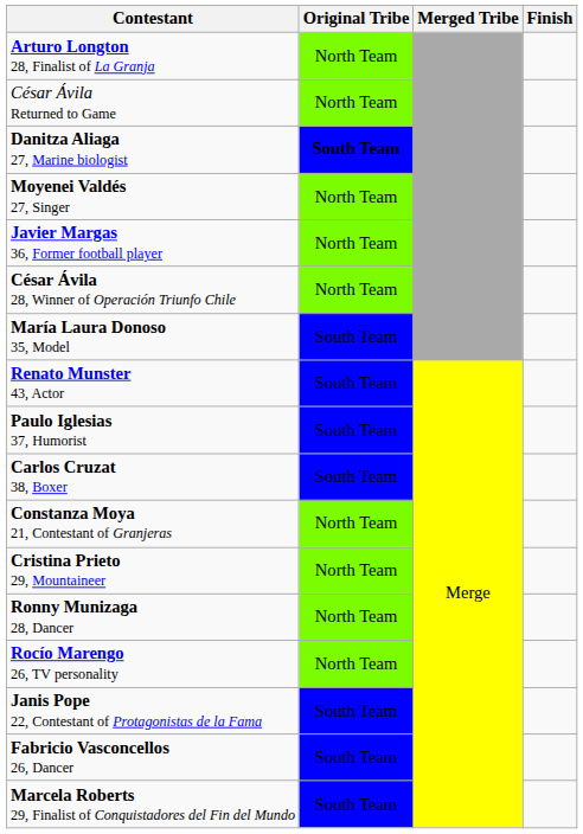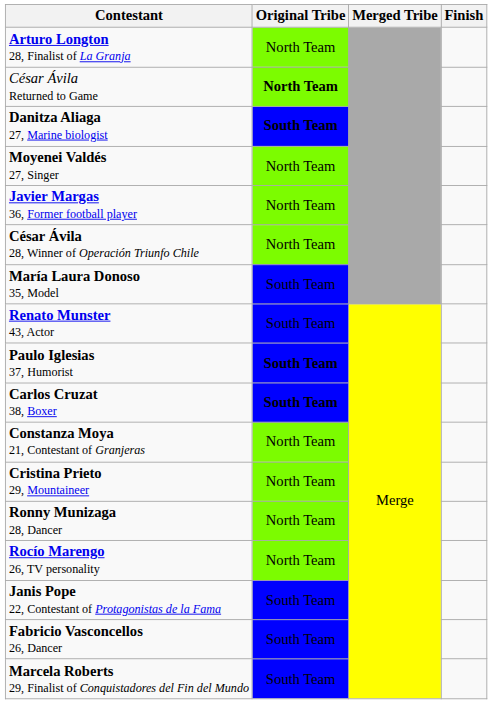 <table class="wikitable sortable" style="margin:auto; text-align:center">
 <tr>
 <th>Contestant</th>
 <th>Original Tribe</th>
 <th>Merged Tribe</th>
 <th>Finish</th>
 </tr>
 <tr>
 <td align="left"><strong><a href='#'>Arturo Longton</a></strong><br><small>28, Finalist of <em><a href='#'>La Granja</a></em></small></td>
 <td bgcolor="#7CFC00">North Team</td>
 <td rowspan="7" bgcolor="darkgray"></td>
 <td></td>
 </tr>
 <tr>
 <td align="left"><em>César Ávila</em><br><small>Returned to Game</small></td>
-<td style="background:#7CFC00">North Team</td>
+<td style="background:#7CFC00"><strong>North Team</strong></td>
 <td></td>
 </tr>
 <tr>
 <td align="left"><strong>Danitza Aliaga</strong><br><small>27, <a href='#'>Marine biologist</a></small></td>
 <td style="background:blue"><strong><span>South Team</span></strong></td>
 <td></td>
 </tr>
 <tr>
 <td align="left"><strong>Moyenei Valdés</strong><br><small>27, Singer</small></td>
 <td bgcolor="#7cfc00">North Team</td>
 <td></td>
 </tr>
 <tr>
 <td align="left"><strong><a href='#'>Javier Margas</a></strong><br><small>36, <a href='#'>Former football player</a></small></td>
 <td style="background:#7CFC00">North Team</td>
 <td></td>
 </tr>
 <tr>
 <td align="left"><strong>César Ávila</strong><br><small>28, Winner of <em>Operación Triunfo Chile</em></small></td>
 <td style="background:#7CFC00">North Team</td>
 <td></td>
 </tr>
 <tr>
 <td align="left"><strong>María Laura Donoso</strong><br><small>35, Model</small></td>
 <td style="background:blue"><span>South Team</span></td>
 <td></td>
 </tr>
 <tr>
 <td align="left"><strong><a href='#'>Renato Munster</a></strong><br><small>43, Actor</small></td>
 <td style="background:blue"><span>South Team</span></td>
 <td rowspan ="10" bgcolor="yellow">Merge</td>
 <td></td>
 </tr>
 <tr>
 <td align="left"><strong>Paulo Iglesias</strong><br><small>37, Humorist</small></td>
-<td style="background:blue"><span>South Team</span></td>
+<td style="background:blue"><strong><span>South Team</span></strong></td>
 <td></td>
 </tr>
 <tr>
 <td align="left"><strong>Carlos Cruzat</strong><br><small>38, <a href='#'>Boxer</a></small></td>
-<td style="background:blue"><span>South Team</span></td>
+<td style="background:blue"><strong><span>South Team</span></strong></td>
 <td></td>
 </tr>
 <tr>
 <td align="left"><strong>Constanza Moya</strong><br><small>21, Contestant of <em>Granjeras</em></small></td>
 <td style="background:#7CFC00">North Team</td>
 <td></td>
 </tr>
 <tr>
 <td align="left"><strong>Cristina Prieto</strong><br><small>29, <a href='#'>Mountaineer</a></small></td>
 <td style="background:#7CFC00">North Team</td>
 <td></td>
 </tr>
 <tr>
 <td align="left"><strong>Ronny Munizaga</strong><br><small>28, Dancer</small></td>
 <td style="background:#7CFC00">North Team</td>
 <td></td>
 </tr>
 <tr>
 <td align="left"><strong><a href='#'>Rocío Marengo</a></strong><br><small>26, TV personality</small></td>
 <td style="background:#7CFC00">North Team</td>
 <td></td>
 </tr>
 <tr>
 <td align="left"><strong>Janis Pope</strong><br><small>22, Contestant of <em><a href='#'>Protagonistas de la Fama</a></em></small></td>
 <td style="background:blue"><span>South Team</span></td>
 <td></td>
 </tr>
 <tr>
 <td align="left"><strong>Fabricio Vasconcellos</strong><br><small>26, Dancer</small></td>
 <td style="background:blue"><span>South Team</span></td>
 <td></td>
 </tr>
 <tr>
 <td align="left"><strong>Marcela Roberts</strong><br><small>29, Finalist of <em>Conquistadores del Fin del Mundo</em></small></td>
 <td style="background:blue"><span>South Team</span></td>
 <td></td>
 </tr>
 </table>
